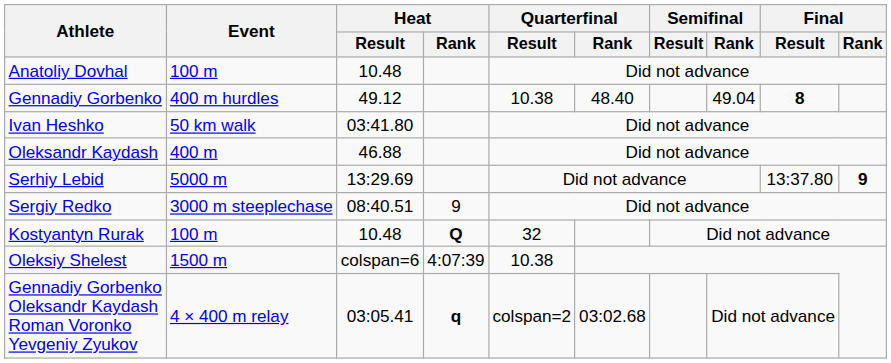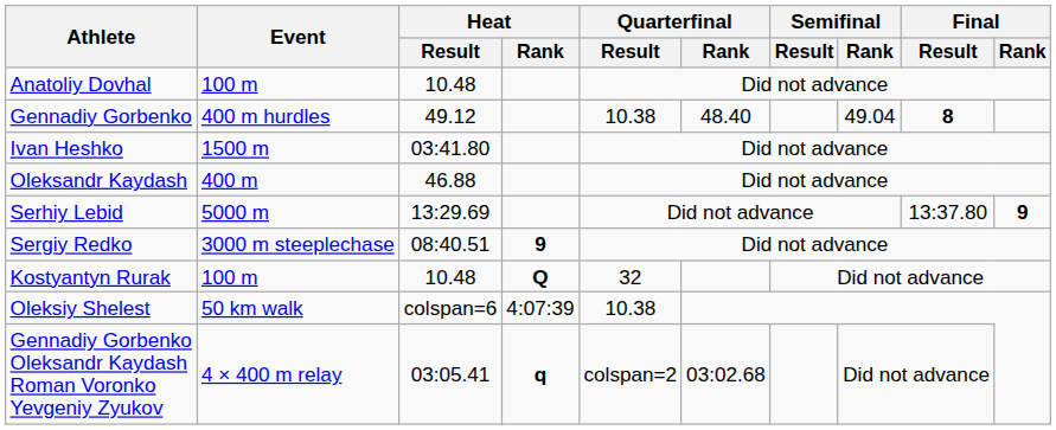 <table class=wikitable style="font-size:90%">
 <tr>
 <th rowspan="2">Athlete</th>
 <th rowspan="2">Event</th>
 <th colspan="2">Heat</th>
 <th colspan="2">Quarterfinal</th>
 <th colspan="2">Semifinal</th>
 <th colspan="2">Final</th>
 </tr>
 <tr style="font-size:95%">
 <th>Result</th>
 <th>Rank</th>
 <th>Result</th>
 <th>Rank</th>
 <th>Result</th>
 <th>Rank</th>
 <th>Result</th>
 <th>Rank</th>
 </tr>
 <tr align=center>
 <td align=left><a href='#'>Anatoliy Dovhal</a></td>
 <td align=left><a href='#'>100 m</a></td>
 <td>10.48</td>
 <td></td>
 <td colspan=6>Did not advance</td>
 </tr>
 <tr align=center>
 <td align=left><a href='#'>Gennadiy Gorbenko</a></td>
 <td align=left><a href='#'>400 m hurdles</a></td>
 <td>49.12</td>
 <td></td>
 <td>10.38</td>
 <td>48.40</td>
 <td></td>
 <td>49.04</td>
 <td><strong>8</strong></td>
 </tr>
 <tr align=center>
 <td align=left><a href='#'>Ivan Heshko</a></td>
-<td align=left><a href='#'>50 km walk</a></td>
+<td align=left><a href='#'>1500 m</a></td>
 <td>03:41.80</td>
 <td></td>
 <td colspan=6>Did not advance</td>
 </tr>
 <tr align=center>
 <td align=left><a href='#'>Oleksandr Kaydash</a></td>
 <td align=left><a href='#'>400 m</a></td>
 <td>46.88</td>
 <td></td>
 <td colspan=6>Did not advance</td>
 </tr>
 <tr align=center>
 <td align=left><a href='#'>Serhiy Lebid</a></td>
 <td align=left><a href='#'>5000 m</a></td>
 <td>13:29.69</td>
 <td></td>
 <td colspan=4>Did not advance</td>
 <td>13:37.80</td>
 <td><strong>9</strong></td>
 </tr>
 <tr align=center>
 <td align=left><a href='#'>Sergiy Redko</a></td>
 <td align=left><a href='#'>3000 m steeplechase</a></td>
 <td>08:40.51</td>
-<td>9</td>
+<td><strong>9</strong></td>
 <td colspan=6>Did not advance</td>
 </tr>
 <tr align=center>
 <td align=left><a href='#'>Kostyantyn Rurak</a></td>
 <td align=left><a href='#'>100 m</a></td>
 <td>10.48</td>
 <td><strong>Q</strong></td>
 <td>32</td>
 <td></td>
 <td colspan=4>Did not advance</td>
 </tr>
 <tr align=center>
 <td align=left><a href='#'>Oleksiy Shelest</a></td>
-<td align=left><a href='#'>1500 m</a></td>
+<td align=left><a href='#'>50 km walk</a></td>
 <td>colspan=6 </td>
 <td>4:07:39</td>
 <td>10.38</td>
 </tr>
 <tr align=center>
 <td align=left><a href='#'>Gennadiy Gorbenko</a><br><a href='#'>Oleksandr Kaydash</a><br><a href='#'>Roman Voronko</a><br><a href='#'>Yevgeniy Zyukov</a></td>
 <td align=left><a href='#'>4 × 400 m relay</a></td>
 <td>03:05.41</td>
 <td><strong>q</strong></td>
 <td>colspan=2 </td>
 <td>03:02.68</td>
 <td></td>
 <td colspan=2>Did not advance</td>
 </tr>
 </table>
